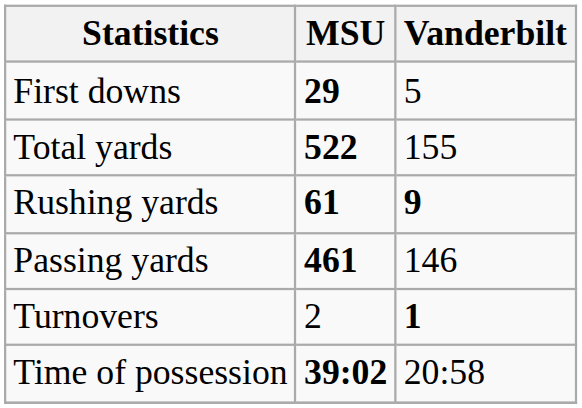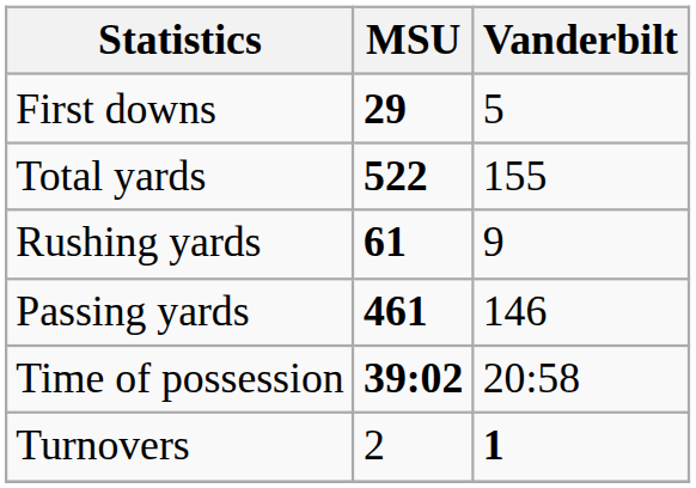 <table class="wikitable" style="float: left;">
 <tr>
 <th>Statistics</th>
 <th>MSU</th>
 <th>Vanderbilt</th>
 </tr>
 <tr>
 <td>First downs</td>
 <td><strong>29</strong></td>
 <td>5</td>
 </tr>
 <tr>
 <td>Total yards</td>
 <td><strong>522</strong></td>
 <td>155</td>
 </tr>
 <tr>
 <td>Rushing yards</td>
 <td><strong>61</strong></td>
-<td><strong>9</strong></td>
+<td>9</td>
 </tr>
 <tr>
 <td>Passing yards</td>
 <td><strong>461</strong></td>
 <td>146</td>
 </tr>
 <tr>
+<td>Time of possession</td>
+<td><strong>39:02</strong></td>
+<td>20:58</td>
+</tr>
+<tr>
 <td>Turnovers</td>
 <td>2</td>
 <td><strong>1</strong></td>
 </tr>
 <tr>
-<td>Time of possession</td>
-<td><strong>39:02</strong></td>
-<td>20:58</td>
-</tr>
-<tr>
 </tr>
 </table>
